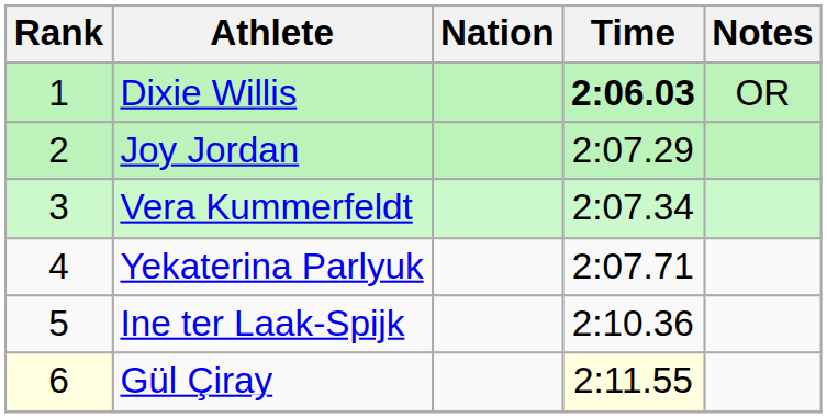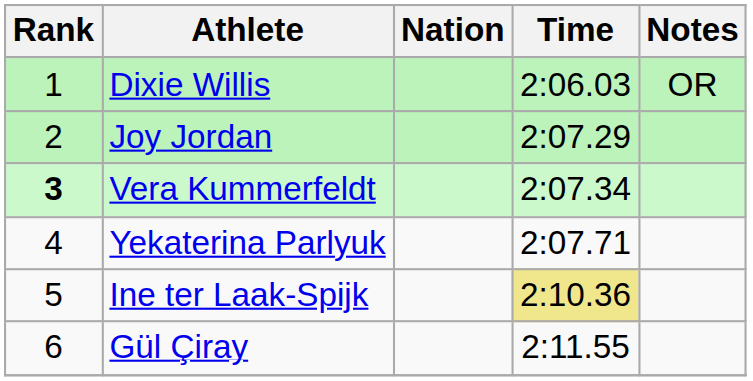 <table class="wikitable sortable" style="text-align:center">
 <tr>
 <th>Rank</th>
 <th>Athlete</th>
 <th>Nation</th>
 <th>Time</th>
 <th>Notes</th>
 </tr>
 <tr bgcolor=bbf3bb>
 <td>1</td>
 <td align=left><a href='#'>Dixie Willis</a></td>
 <td align=left></td>
-<td><strong>2:06.03</strong></td>
+<td>2:06.03</td>
 <td>OR</td>
 </tr>
 <tr bgcolor=bbf3bb>
 <td>2</td>
 <td align=left><a href='#'>Joy Jordan</a></td>
 <td align=left></td>
 <td>2:07.29</td>
 <td></td>
 </tr>
 <tr bgcolor=ccf9cc>
-<td>3</td>
+<td><strong>3</strong></td>
 <td align=left><a href='#'>Vera Kummerfeldt</a></td>
 <td align=left></td>
 <td>2:07.34</td>
 <td></td>
 </tr>
 <tr>
 <td>4</td>
 <td align=left><a href='#'>Yekaterina Parlyuk</a></td>
 <td align=left></td>
 <td>2:07.71</td>
 <td></td>
 </tr>
 <tr>
 <td>5</td>
 <td align=left><a href='#'>Ine ter Laak-Spijk</a></td>
 <td align=left></td>
-<td>2:10.36</td>
+<td style="background: khaki;">2:10.36</td>
 <td></td>
 </tr>
 <tr>
-<td style="background: lightyellow;">6</td>
+<td>6</td>
 <td align=left><a href='#'>Gül Çiray</a></td>
 <td align=left></td>
-<td style="background: lightyellow;">2:11.55</td>
+<td>2:11.55</td>
 <td></td>
 </tr>
 <tr>
 </tr>
 </table>
